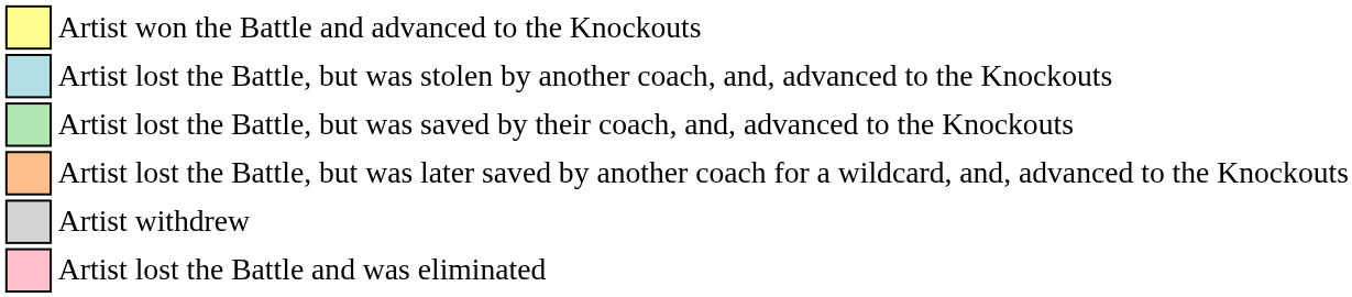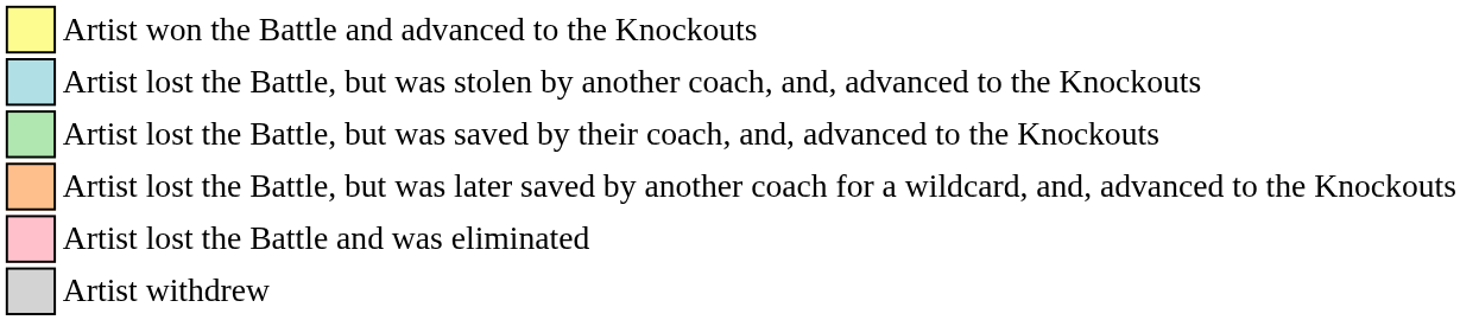 <table class="toccolours" style="font-size: 90%; white-space: nowrap”">
 <tr>
 <td style="background:#fdfc8f; border:1px solid black">     </td>
 <td>Artist won the Battle and advanced to the Knockouts</td>
 </tr>
 <tr>
 <td style="background:#b0e0e6; border:1px solid black">     </td>
 <td>Artist lost the Battle, but was stolen by another coach, and, advanced to the Knockouts</td>
 </tr>
 <tr>
 <td style="background:#b0e6b0; border:1px solid black">     </td>
 <td>Artist lost the Battle, but was saved by their coach, and, advanced to the Knockouts</td>
 </tr>
 <tr>
 <td style="background:#FFBF8C; border:1px solid black">     </td>
 <td>Artist lost the Battle, but was later saved by another coach for a wildcard, and, advanced to the Knockouts</td>
 </tr>
 <tr>
+<td style="background:pink; border:1px solid black">     </td>
+<td>Artist lost the Battle and was eliminated</td>
+</tr>
+<tr>
 <td style="background:lightgray; border:1px solid black">     </td>
 <td>Artist withdrew</td>
 </tr>
 <tr>
-<td style="background:pink; border:1px solid black">     </td>
-<td>Artist lost the Battle and was eliminated</td>
-</tr>
-<tr>
 </tr>
 </table>
